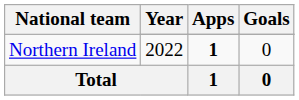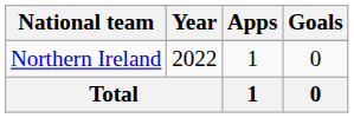 <table class=wikitable style=text-align:center>
 <tr>
 <th>National team</th>
 <th>Year</th>
 <th>Apps</th>
 <th>Goals</th>
 </tr>
 <tr>
 <td rowspan=2><a href='#'>Northern Ireland</a></td>
 </tr>
 <tr>
 <td>2022</td>
-<td><strong>1</strong></td>
+<td>1</td>
 <td>0</td>
 </tr>
 <tr>
 <th colspan=2>Total</th>
 <th>1</th>
 <th>0</th>
 </tr>
 </table>
